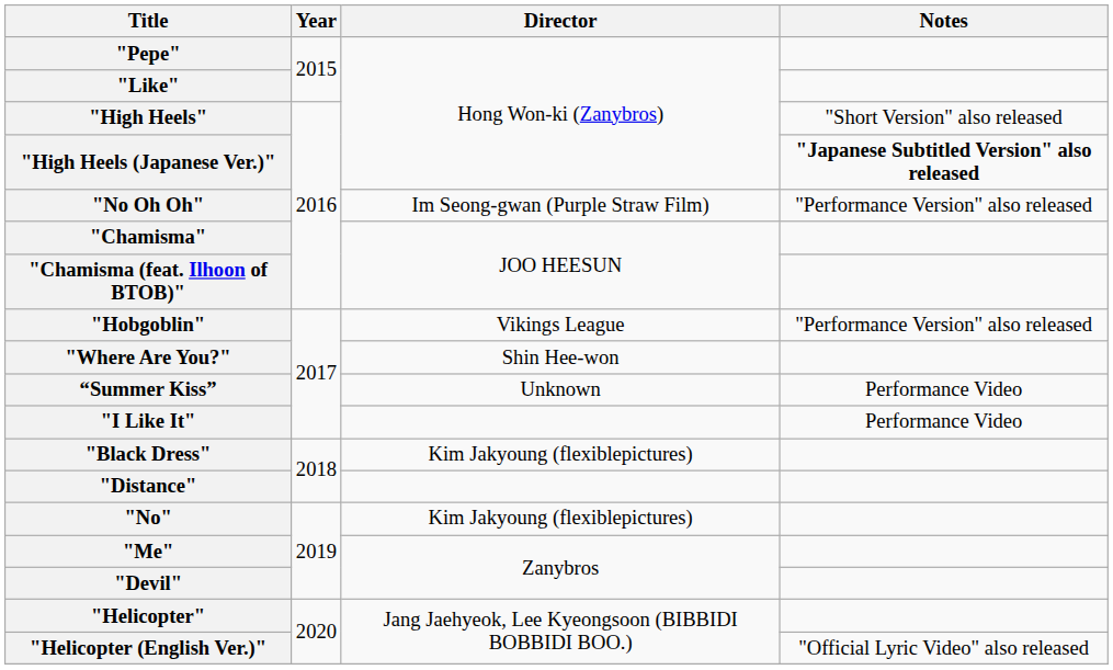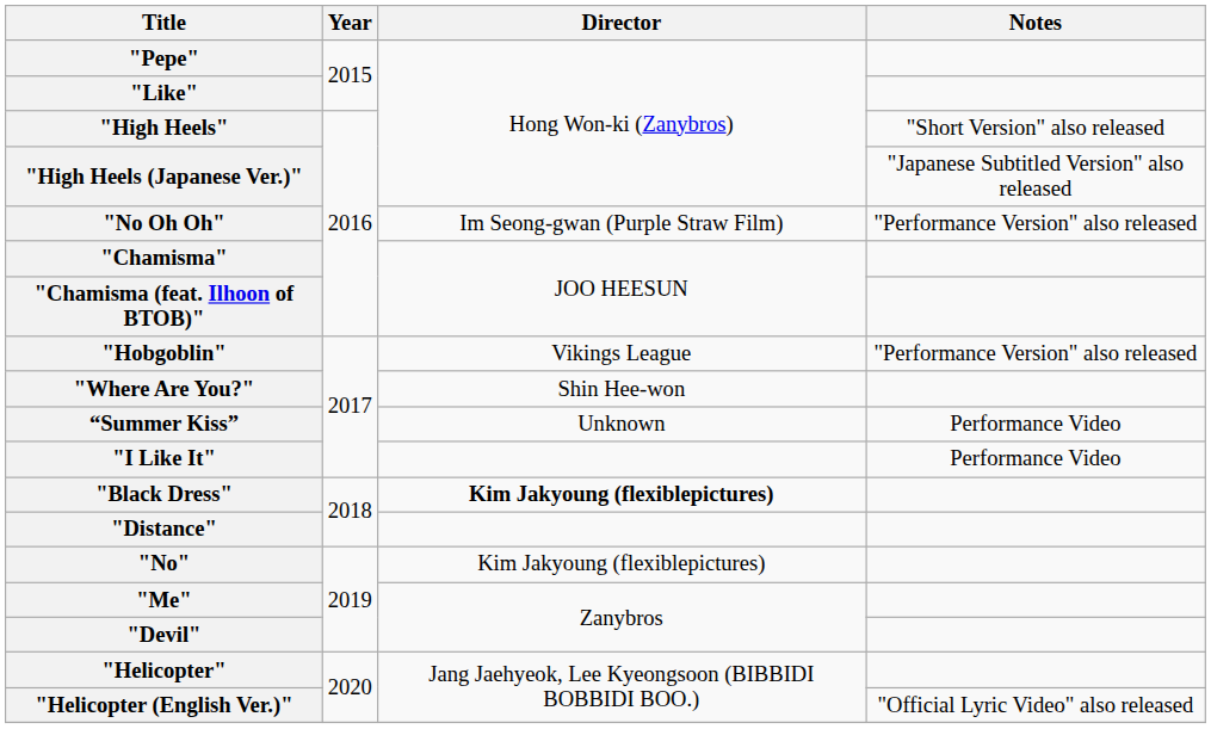 <table class="wikitable plainrowheaders" style="text-align:center;">
 <tr>
 <th>Title</th>
 <th>Year</th>
 <th>Director</th>
 <th>Notes</th>
 </tr>
 <tr>
 <th scope="row">"Pepe"</th>
 <td rowspan="2">2015</td>
 <td rowspan="4">Hong Won-ki (<a href='#'>Zanybros</a>)</td>
 <td></td>
 </tr>
 <tr>
 <th scope="row">"Like"</th>
 </tr>
 <tr>
 <th scope="row">"High Heels"</th>
 <td rowspan="5">2016</td>
 <td>"Short Version" also released</td>
 </tr>
 <tr>
 <th scope="row">"High Heels (Japanese Ver.)"</th>
-<td><strong>"Japanese Subtitled Version" also released</strong></td>
+<td>"Japanese Subtitled Version" also released</td>
 </tr>
 <tr>
 <th scope="row">"No Oh Oh"</th>
 <td>Im Seong-gwan (Purple Straw Film)</td>
 <td>"Performance Version" also released</td>
 </tr>
 <tr>
 <th scope="row">"Chamisma"</th>
 <td rowspan="2">JOO HEESUN</td>
 <td></td>
 </tr>
 <tr>
 <th scope="row">"Chamisma (feat. <a href='#'>Ilhoon</a> of BTOB)"</th>
 <td></td>
 </tr>
 <tr>
 <th scope="row">"Hobgoblin"</th>
 <td rowspan="4">2017</td>
 <td>Vikings League</td>
 <td>"Performance Version" also released</td>
 </tr>
 <tr>
 <th scope="row">"Where Are You?"</th>
 <td>Shin Hee-won</td>
 </tr>
 <tr>
 <th scope="row">“Summer Kiss”</th>
 <td>Unknown</td>
 <td>Performance Video</td>
 </tr>
 <tr>
 <th scope="row">"I Like It"</th>
 <td></td>
 <td>Performance Video</td>
 </tr>
 <tr>
 <th scope="row">"Black Dress"</th>
 <td rowspan="2">2018</td>
-<td>Kim Jakyoung (flexiblepictures)</td>
+<td><strong>Kim Jakyoung (flexiblepictures)</strong></td>
 <td></td>
 </tr>
 <tr>
 <th scope="row">"Distance"</th>
 <td></td>
 <td></td>
 </tr>
 <tr>
 <th scope="row">"No"</th>
 <td rowspan="3">2019</td>
 <td>Kim Jakyoung (flexiblepictures)</td>
 <td></td>
 </tr>
 <tr>
 <th scope="row">"Me"</th>
 <td rowspan="2">Zanybros</td>
 <td></td>
 </tr>
 <tr>
 <th scope="row">"Devil"</th>
 <td></td>
 </tr>
 <tr>
 <th scope="row">"Helicopter"</th>
 <td rowspan="2">2020</td>
 <td rowspan="2">Jang Jaehyeok, Lee Kyeongsoon (BIBBIDI BOBBIDI BOO.)</td>
 <td></td>
 </tr>
 <tr>
 <th scope="row">"Helicopter (English Ver.)"</th>
 <td>"Official Lyric Video" also released</td>
 </tr>
 <tr>
 </tr>
 </table>
